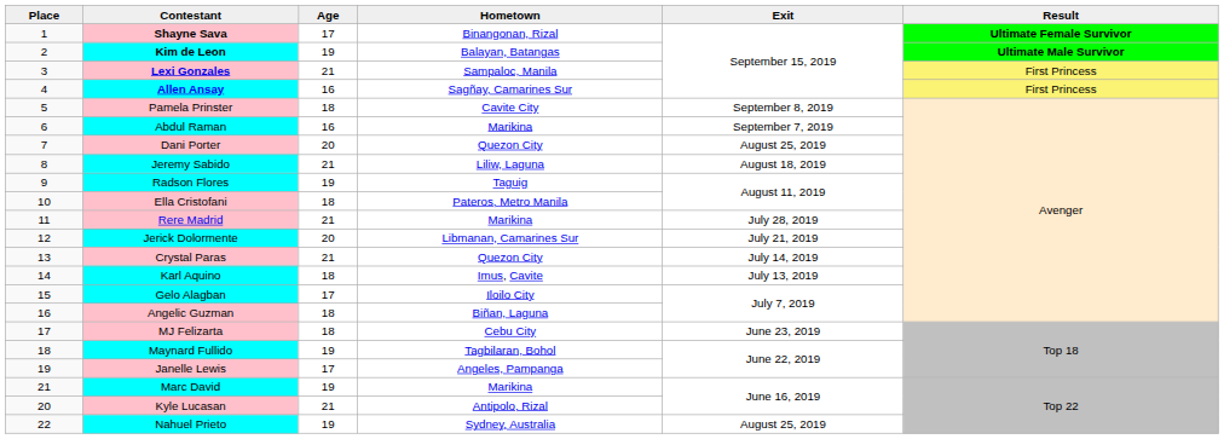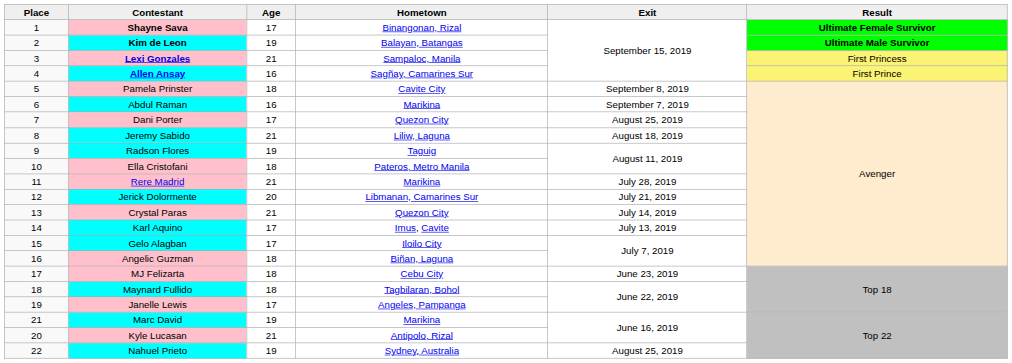 <table class="wikitable nowrap" style="text-align:center; font-size:95%;width:99%;">
 <tr>
 <th scope="col" style="background:#EFEFEF;">Place</th>
 <th scope="col" style="background:#EFEFEF;">Contestant</th>
 <th scope="col" style="background:#EFEFEF;">Age</th>
 <th scope="col" style="background:#EFEFEF;">Hometown</th>
 <th scope="col" style="background:#EFEFEF;">Exit</th>
 <th scope="col" style="background:#EFEFEF;">Result</th>
 </tr>
 <tr>
 <td>1</td>
 <td style="background:pink;"><strong>Shayne Sava</strong></td>
 <td style="background:#FFFFFF">17</td>
 <td style="background:#FFFFFF"><a href='#'>Binangonan, Rizal</a></td>
 <td style="background:#FFFFFF" rowspan=4>September 15, 2019</td>
 <td style="background:lime"><strong>Ultimate Female Survivor</strong></td>
 </tr>
 <tr>
 <td>2</td>
 <td style="background:cyan;"><strong>Kim de Leon</strong></td>
 <td style="background:#FFFFFF">19</td>
 <td style="background:#FFFFFF"><a href='#'>Balayan, Batangas</a></td>
 <td style="background:lime"><strong>Ultimate Male Survivor</strong></td>
 </tr>
 <tr>
 <td>3</td>
 <td style="background:pink;"><strong><a href='#'>Lexi Gonzales</a></strong></td>
 <td style="background:#FFFFFF">21</td>
 <td style="background:#FFFFFF"><a href='#'>Sampaloc, Manila</a></td>
 <td style="background:#FBF373">First Princess</td>
 </tr>
 <tr>
 <td>4</td>
 <td style="background:cyan;"><strong><a href='#'>Allen Ansay</a></strong></td>
 <td style="background:#FFFFFF">16</td>
 <td style="background:#FFFFFF"><a href='#'>Sagñay, Camarines Sur</a></td>
-<td style="background:#FBF373">First Princess</td>
+<td style="background:#FBF373">First Prince</td>
 </tr>
 <tr>
 <td>5</td>
 <td style="background:pink;">Pamela Prinster</td>
 <td style="background:#FFFFFF">18</td>
 <td style="background:#FFFFFF"><a href='#'>Cavite City</a></td>
 <td style="background:#FFFFFF">September 8, 2019</td>
 <td style="background:#FFEBCD" rowspan=12>Avenger</td>
 </tr>
 <tr>
 <td>6</td>
 <td style="background:cyan;">Abdul Raman</td>
 <td style="background:#FFFFFF">16</td>
 <td style="background:#FFFFFF"><a href='#'>Marikina</a></td>
 <td style="background:#FFFFFF">September 7, 2019</td>
 </tr>
 <tr>
 <td>7</td>
 <td style="background:pink;">Dani Porter</td>
-<td style="background:#FFFFFF">20</td>
+<td style="background:#FFFFFF">17</td>
 <td style="background:#FFFFFF"><a href='#'>Quezon City</a></td>
 <td style="background:#FFFFFF">August 25, 2019</td>
 </tr>
 <tr>
 <td>8</td>
 <td style="background:cyan;">Jeremy Sabido</td>
 <td style="background:#FFFFFF">21</td>
 <td style="background:#FFFFFF"><a href='#'>Liliw, Laguna</a></td>
 <td style="background:#FFFFFF">August 18, 2019</td>
 </tr>
 <tr>
 <td>9</td>
 <td style="background:cyan;">Radson Flores</td>
 <td style="background:#FFFFFF">19</td>
 <td style="background:#FFFFFF"><a href='#'>Taguig</a></td>
 <td style="background:#FFFFFF" rowspan=2>August 11, 2019</td>
 </tr>
 <tr>
 <td>10</td>
 <td style="background:pink;">Ella Cristofani</td>
 <td style="background:#FFFFFF">18</td>
 <td style="background:#FFFFFF"><a href='#'>Pateros, Metro Manila</a></td>
 </tr>
 <tr>
 <td>11</td>
 <td style="background:pink;"><a href='#'>Rere Madrid</a></td>
 <td style="background:#FFFFFF">21</td>
 <td style="background:#FFFFFF"><a href='#'>Marikina</a></td>
 <td style="background:#FFFFFF">July 28, 2019</td>
 </tr>
 <tr>
 <td>12</td>
 <td style="background:cyan;">Jerick Dolormente</td>
 <td style="background:#FFFFFF">20</td>
 <td style="background:#FFFFFF"><a href='#'>Libmanan, Camarines Sur</a></td>
 <td style="background:#FFFFFF">July 21, 2019</td>
 </tr>
 <tr>
 <td>13</td>
 <td style="background:pink">Crystal Paras</td>
 <td style="background:#FFFFFF">21</td>
 <td style="background:#FFFFFF"><a href='#'>Quezon City</a></td>
 <td style="background:#FFFFFF">July 14, 2019</td>
 </tr>
 <tr>
 <td>14</td>
 <td style="background:cyan;">Karl Aquino</td>
-<td style="background:#FFFFFF">18</td>
+<td style="background:#FFFFFF">17</td>
 <td style="background:#FFFFFF"><a href='#'>Imus</a>, <a href='#'>Cavite</a></td>
 <td style="background:#FFFFFF">July 13, 2019</td>
 </tr>
 <tr>
 <td>15</td>
 <td style="background:cyan;">Gelo Alagban</td>
 <td style="background:#FFFFFF">17</td>
 <td style="background:#FFFFFF"><a href='#'>Iloilo City</a></td>
 <td style="background:#FFFFFF" rowspan=2>July 7, 2019</td>
 </tr>
 <tr>
 <td>16</td>
 <td style="background:pink;">Angelic Guzman</td>
 <td style="background:#FFFFFF">18</td>
 <td style="background:#FFFFFF"><a href='#'>Biñan, Laguna</a></td>
 </tr>
 <tr>
 <td>17</td>
 <td style="background:pink;">MJ Felizarta</td>
 <td style="background:#FFFFFF">18</td>
 <td style="background:#FFFFFF"><a href='#'>Cebu City</a></td>
 <td style="background:#FFFFFF">June 23, 2019</td>
 <td style="background:silver" rowspan=3>Top 18</td>
 </tr>
 <tr>
 <td>18</td>
 <td style="background:cyan;">Maynard Fullido</td>
-<td style="background:#FFFFFF">19</td>
+<td style="background:#FFFFFF">18</td>
 <td style="background:#FFFFFF"><a href='#'>Tagbilaran, Bohol</a></td>
 <td style="background:#FFFFFF" rowspan=2>June 22, 2019</td>
 </tr>
 <tr>
 <td>19</td>
 <td style="background:pink;">Janelle Lewis</td>
 <td style="background:#FFFFFF">17</td>
 <td style="background:#FFFFFF"><a href='#'>Angeles, Pampanga</a></td>
 </tr>
 <tr>
 <td>21</td>
 <td style="background:cyan;">Marc David</td>
 <td style="background:#FFFFFF">19</td>
 <td style="background:#FFFFFF"><a href='#'>Marikina</a></td>
 <td style="background:#FFFFFF" rowspan=2>June 16, 2019</td>
 <td style="background:silver" rowspan=3>Top 22</td>
 </tr>
 <tr>
 <td>20</td>
 <td style="background:pink;">Kyle Lucasan</td>
 <td style="background:#FFFFFF">21</td>
 <td style="background:#FFFFFF"><a href='#'>Antipolo, Rizal</a></td>
 </tr>
 <tr>
 <td>22</td>
 <td style="background:cyan;">Nahuel Prieto</td>
 <td style="background:#FFFFFF">19</td>
 <td style="background:#FFFFFF"><a href='#'>Sydney, Australia</a></td>
 <td style="background:#FFFFFF">August 25, 2019</td>
 </tr>
 </table>
